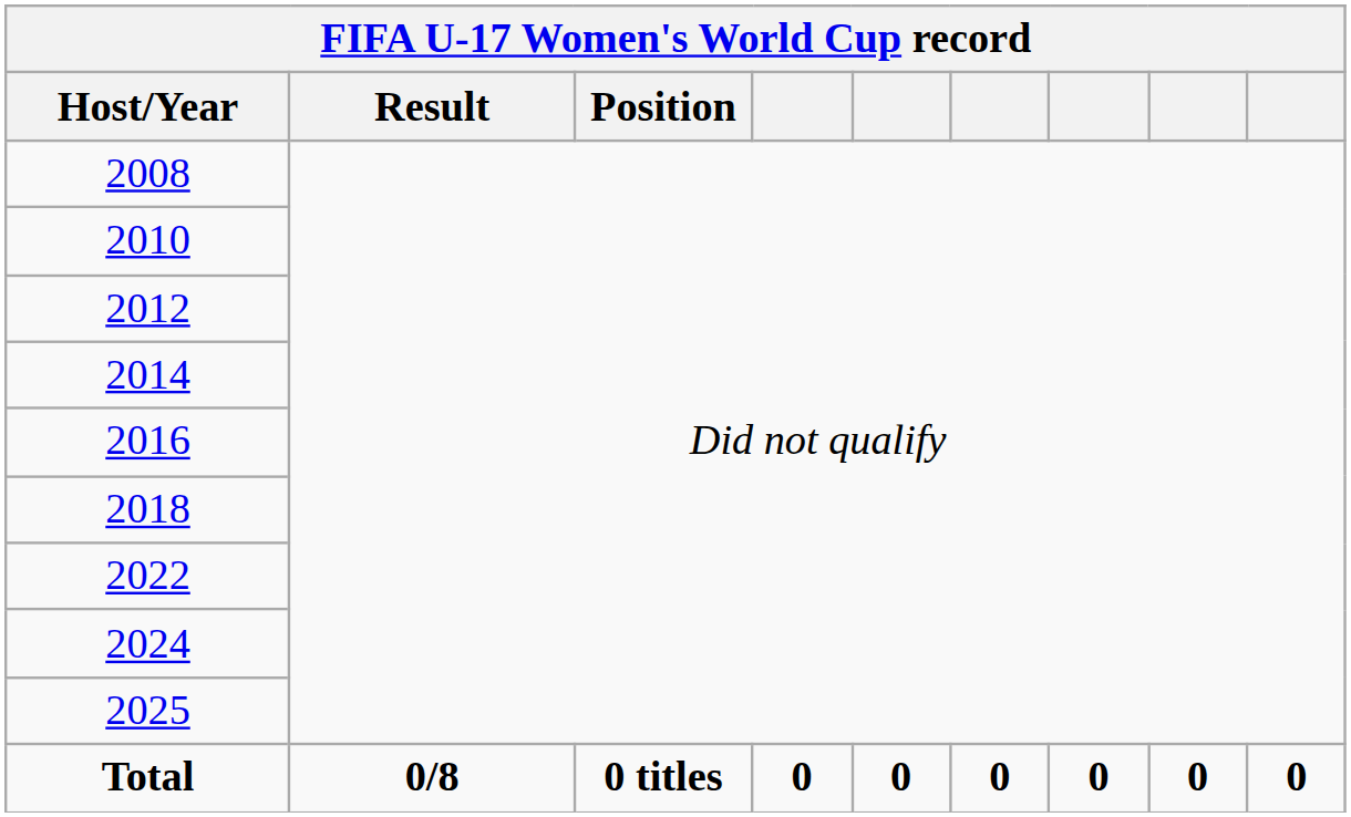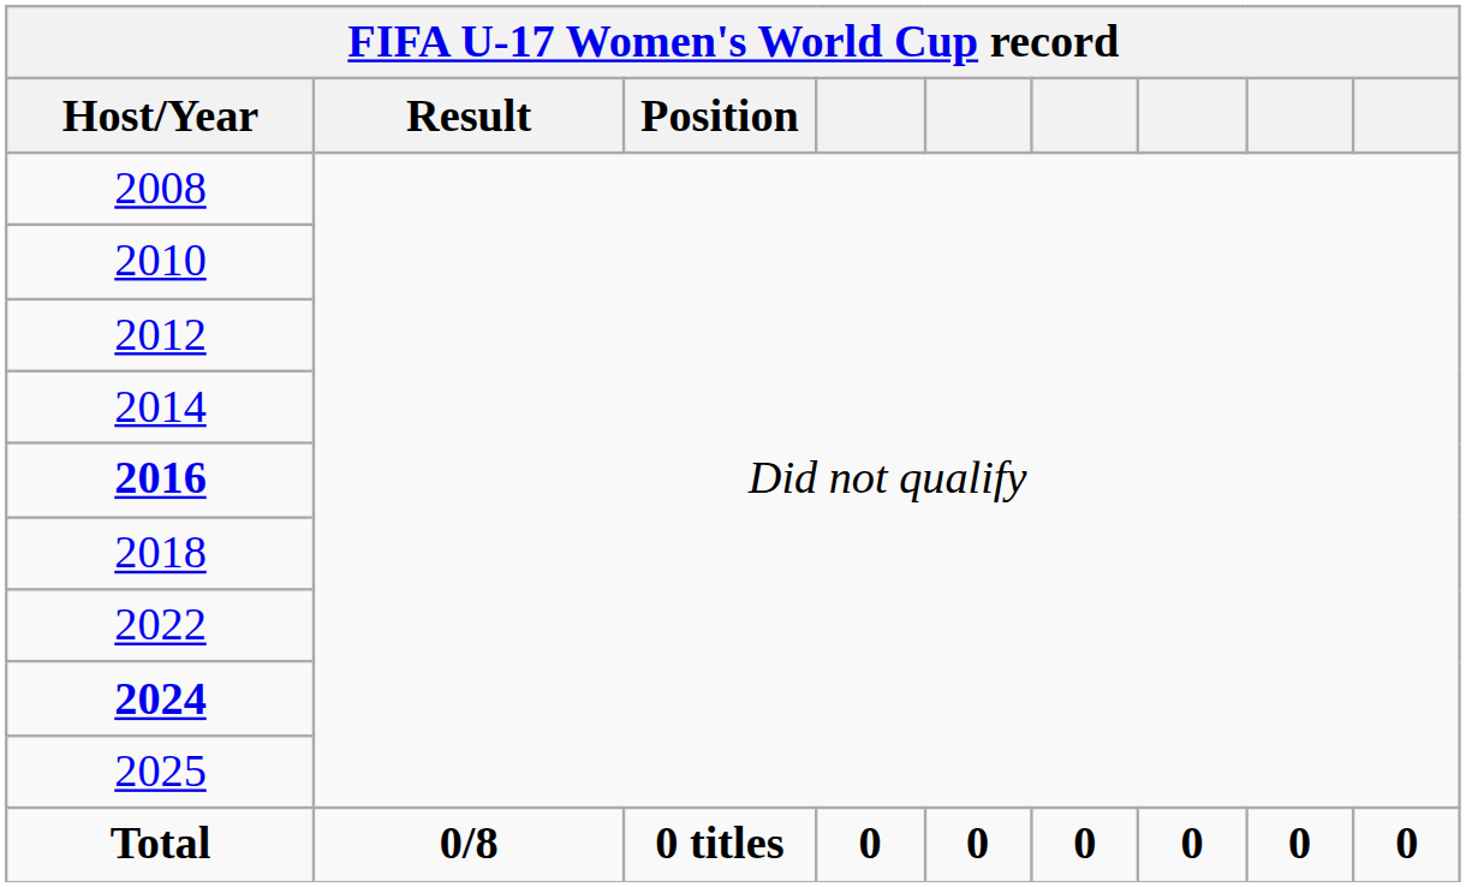 <table class="wikitable" style="text-align: center;">
 <tr>
 <th colspan=9 style="background:color: #0000FF;"><a href='#'>FIFA U-17 Women's World Cup</a> record</th>
 </tr>
 <tr>
 <th style="width:100px;">Host/Year</th>
 <th style="width:100px;">Result</th>
 <th style="width:60px;">Position</th>
 <th style="width:30px;"></th>
 <th style="width:30px;"></th>
 <th style="width:30px;"></th>
 <th style="width:30px;"></th>
 <th style="width:30px;"></th>
 <th style="width:30px;"></th>
 </tr>
 <tr>
 <td> <a href='#'>2008</a></td>
 <td rowspan=9 colspan=8><em>Did not qualify</em></td>
 </tr>
 <tr>
 <td> <a href='#'>2010</a></td>
 </tr>
 <tr>
 <td> <a href='#'>2012</a></td>
 </tr>
 <tr>
 <td> <a href='#'>2014</a></td>
 </tr>
 <tr>
-<td> <a href='#'>2016</a></td>
+<td><strong> <a href='#'>2016</a></strong></td>
 </tr>
 <tr>
 <td> <a href='#'>2018</a></td>
 </tr>
 <tr>
 <td> <a href='#'>2022</a></td>
 </tr>
 <tr>
-<td> <a href='#'>2024</a></td>
+<td><strong> <a href='#'>2024</a></strong></td>
 </tr>
 <tr>
 <td> <a href='#'>2025</a></td>
 </tr>
 <tr>
 <td><strong>Total</strong></td>
 <td><strong>0/8</strong></td>
 <td><strong>0 titles</strong></td>
 <td><strong>0</strong></td>
 <td><strong>0</strong></td>
 <td><strong>0</strong></td>
 <td><strong>0</strong></td>
 <td><strong>0</strong></td>
 <td><strong>0</strong></td>
 </tr>
 </table>
